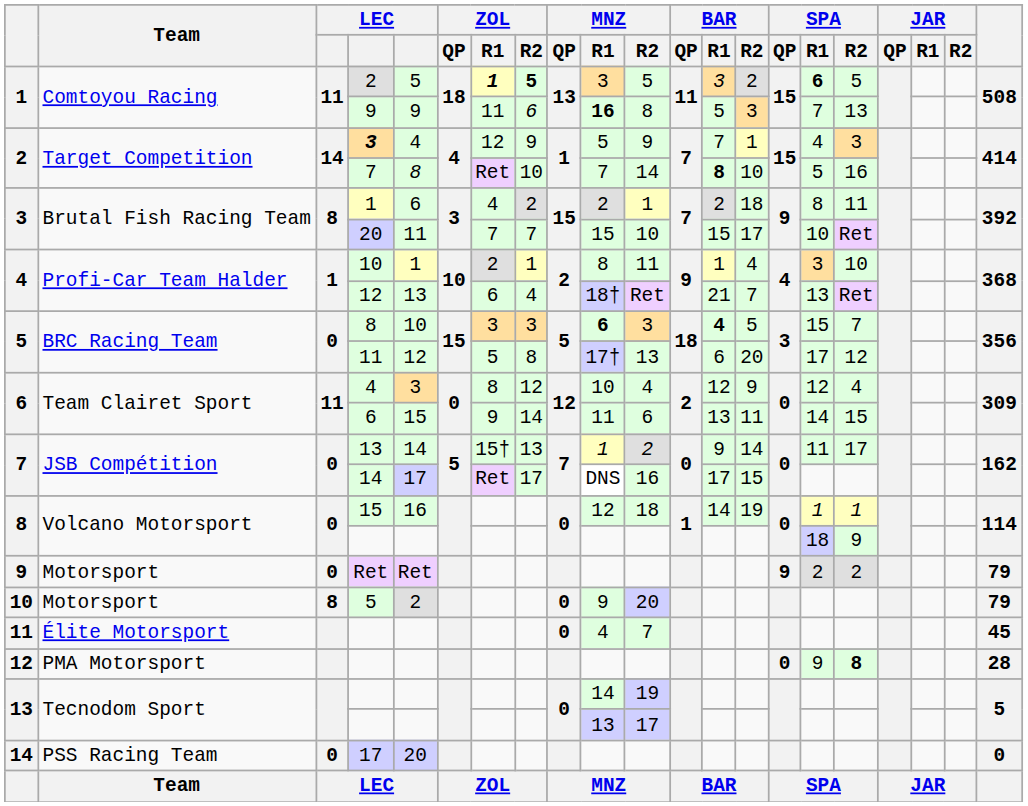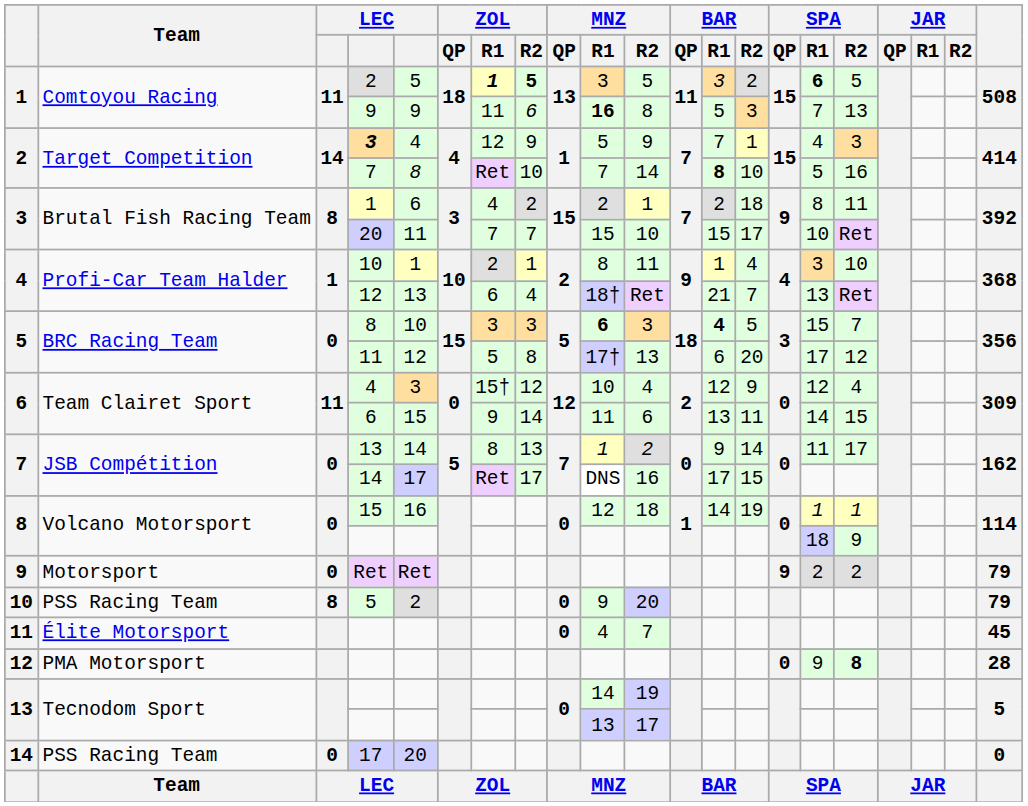 <table class="wikitable" style="font-size:85%; text-align:center">
 <tr>
 <th rowspan=2></th>
 <th rowspan=2>Team</th>
 <th colspan=3><a href='#'>LEC</a><br></th>
 <th colspan=3><a href='#'>ZOL</a><br></th>
 <th colspan=3><a href='#'>MNZ</a><br></th>
 <th colspan=3><a href='#'>BAR</a><br></th>
 <th colspan=3><a href='#'>SPA</a><br></th>
 <th colspan=3><a href='#'>JAR</a><br></th>
 <th rowspan=2></th>
 </tr>
 <tr>
 <th></th>
 <th></th>
 <th></th>
 <th>QP</th>
 <th>R1</th>
 <th>R2</th>
 <th>QP</th>
 <th>R1</th>
 <th>R2</th>
 <th>QP</th>
 <th>R1</th>
 <th>R2</th>
 <th>QP</th>
 <th>R1</th>
 <th>R2</th>
 <th>QP</th>
 <th>R1</th>
 <th>R2</th>
 </tr>
 <tr>
 <th rowspan=2>1</th>
 <td rowspan=2 align=left> <a href='#'>Comtoyou Racing</a></td>
 <th rowspan=2>11</th>
 <td style="background:#dfdfdf;">2</td>
 <td style="background:#dfffdf;">5</td>
 <th rowspan=2>18</th>
 <td style="background:#ffffbf;"><strong><em>1</em></strong></td>
 <td style="background:#dfffdf;"><strong>5</strong></td>
 <th rowspan=2>13</th>
 <td style="background:#ffdf9f;">3</td>
 <td style="background:#dfffdf;">5</td>
 <th rowspan=2>11</th>
 <td style="background:#ffdf9f;"><em>3</em></td>
 <td style="background:#dfdfdf;">2</td>
 <th rowspan=2>15</th>
 <td style="background:#dfffdf;"><strong>6</strong></td>
 <td style="background:#dfffdf;">5</td>
 <th rowspan=2></th>
 <td></td>
 <td></td>
 <th rowspan=2>508</th>
 </tr>
 <tr>
 <td style="background:#dfffdf;">9</td>
 <td style="background:#dfffdf;">9</td>
 <td style="background:#dfffdf;">11</td>
 <td style="background:#dfffdf;"><em>6</em></td>
 <td style="background:#dfffdf;"><strong>16</strong></td>
 <td style="background:#dfffdf;">8</td>
 <td style="background:#dfffdf;">5</td>
 <td style="background:#ffdf9f;">3</td>
 <td style="background:#dfffdf;">7</td>
 <td style="background:#dfffdf;">13</td>
 <td></td>
 <td></td>
 </tr>
 <tr>
 <th rowspan=2>2</th>
 <td rowspan=2 align=left> <a href='#'>Target Competition</a></td>
 <th rowspan=2>14</th>
 <td style="background:#ffdf9f;"><strong><em>3</em></strong></td>
 <td style="background:#dfffdf;">4</td>
 <th rowspan=2>4</th>
 <td style="background:#dfffdf;">12</td>
 <td style="background:#dfffdf;">9</td>
 <th rowspan=2>1</th>
 <td style="background:#dfffdf;">5</td>
 <td style="background:#dfffdf;">9</td>
 <th rowspan=2>7</th>
 <td style="background:#dfffdf;">7</td>
 <td style="background:#ffffbf;">1</td>
 <th rowspan=2>15</th>
 <td style="background:#dfffdf;">4</td>
 <td style="background:#ffdf9f;">3</td>
 <th rowspan=2></th>
 <td></td>
 <td></td>
 <th rowspan=2>414</th>
 </tr>
 <tr>
 <td style="background:#dfffdf;">7</td>
 <td style="background:#dfffdf;"><em>8</em></td>
 <td style="background:#efcfff;">Ret</td>
 <td style="background:#dfffdf;">10</td>
 <td style="background:#dfffdf;">7</td>
 <td style="background:#dfffdf;">14</td>
 <td style="background:#dfffdf;"><strong>8</strong></td>
 <td style="background:#dfffdf;">10</td>
 <td style="background:#dfffdf;">5</td>
 <td style="background:#dfffdf;">16</td>
 <td></td>
 <td></td>
 </tr>
 <tr>
 <th rowspan=2>3</th>
 <td rowspan=2 align=left> Brutal Fish Racing Team</td>
 <th rowspan=2>8</th>
 <td style="background:#ffffbf;">1</td>
 <td style="background:#dfffdf;">6</td>
 <th rowspan=2>3</th>
 <td style="background:#dfffdf;">4</td>
 <td style="background:#dfdfdf;">2</td>
 <th rowspan=2>15</th>
 <td style="background:#dfdfdf;">2</td>
 <td style="background:#ffffbf;">1</td>
 <th rowspan=2>7</th>
 <td style="background:#dfdfdf;">2</td>
 <td style="background:#dfffdf;">18</td>
 <th rowspan=2>9</th>
 <td style="background:#dfffdf;">8</td>
 <td style="background:#dfffdf;">11</td>
 <th rowspan=2></th>
 <td></td>
 <td></td>
 <th rowspan=2>392</th>
 </tr>
 <tr>
 <td style="background:#cfcfff;">20</td>
 <td style="background:#dfffdf;">11</td>
 <td style="background:#dfffdf;">7</td>
 <td style="background:#dfffdf;">7</td>
 <td style="background:#dfffdf;">15</td>
 <td style="background:#dfffdf;">10</td>
 <td style="background:#dfffdf;">15</td>
 <td style="background:#dfffdf;">17</td>
 <td style="background:#dfffdf;">10</td>
 <td style="background:#efcfff;">Ret</td>
 <td></td>
 <td></td>
 </tr>
 <tr>
 <th rowspan=2>4</th>
 <td rowspan=2 align=left> <a href='#'>Profi-Car Team Halder</a></td>
 <th rowspan=2>1</th>
 <td style="background:#dfffdf;">10</td>
 <td style="background:#ffffbf;">1</td>
 <th rowspan=2>10</th>
 <td style="background:#dfdfdf;">2</td>
 <td style="background:#ffffbf;">1</td>
 <th rowspan=2>2</th>
 <td style="background:#dfffdf;">8</td>
 <td style="background:#dfffdf;">11</td>
 <th rowspan=2>9</th>
 <td style="background:#ffffbf;">1</td>
 <td style="background:#dfffdf;">4</td>
 <th rowspan=2>4</th>
 <td style="background:#ffdf9f;">3</td>
 <td style="background:#dfffdf;">10</td>
 <th rowspan=2></th>
 <td></td>
 <td></td>
 <th rowspan=2>368</th>
 </tr>
 <tr>
 <td style="background:#dfffdf;">12</td>
 <td style="background:#dfffdf;">13</td>
 <td style="background:#dfffdf;">6</td>
 <td style="background:#dfffdf;">4</td>
 <td style="background:#cfcfff;">18†</td>
 <td style="background:#efcfff;">Ret</td>
 <td style="background:#dfffdf;">21</td>
 <td style="background:#dfffdf;">7</td>
 <td style="background:#dfffdf;">13</td>
 <td style="background:#efcfff;">Ret</td>
 <td></td>
 <td></td>
 </tr>
 <tr>
 <th rowspan=2>5</th>
 <td rowspan=2 align=left> <a href='#'>BRC Racing Team</a></td>
 <th rowspan=2>0</th>
 <td style="background:#dfffdf;">8</td>
 <td style="background:#dfffdf;">10</td>
 <th rowspan=2>15</th>
 <td style="background:#ffdf9f;">3</td>
 <td style="background:#ffdf9f;">3</td>
 <th rowspan=2>5</th>
 <td style="background:#dfffdf;"><strong>6</strong></td>
 <td style="background:#ffdf9f;">3</td>
 <th rowspan=2>18</th>
 <td style="background:#dfffdf;"><strong>4</strong></td>
 <td style="background:#dfffdf;">5</td>
 <th rowspan=2>3</th>
 <td style="background:#dfffdf;">15</td>
 <td style="background:#dfffdf;">7</td>
 <th rowspan=2></th>
 <td></td>
 <td></td>
 <th rowspan=2>356</th>
 </tr>
 <tr>
 <td style="background:#dfffdf;">11</td>
 <td style="background:#dfffdf;">12</td>
 <td style="background:#dfffdf;">5</td>
 <td style="background:#dfffdf;">8</td>
 <td style="background:#cfcfff;">17†</td>
 <td style="background:#dfffdf;">13</td>
 <td style="background:#dfffdf;">6</td>
 <td style="background:#dfffdf;">20</td>
 <td style="background:#dfffdf;">17</td>
 <td style="background:#dfffdf;">12</td>
 <td></td>
 <td></td>
 </tr>
 <tr>
 <th rowspan=2>6</th>
 <td rowspan=2 align=left> Team Clairet Sport</td>
 <th rowspan=2>11</th>
 <td style="background:#dfffdf;">4</td>
 <td style="background:#ffdf9f;">3</td>
 <th rowspan=2>0</th>
-<td style="background:#dfffdf;">8</td>
+<td style="background:#dfffdf;">15†</td>
 <td style="background:#dfffdf;">12</td>
 <th rowspan=2>12</th>
 <td style="background:#dfffdf;">10</td>
 <td style="background:#dfffdf;">4</td>
 <th rowspan=2>2</th>
 <td style="background:#dfffdf;">12</td>
 <td style="background:#dfffdf;">9</td>
 <th rowspan=2>0</th>
 <td style="background:#dfffdf;">12</td>
 <td style="background:#dfffdf;">4</td>
 <th rowspan=2></th>
 <td></td>
 <td></td>
 <th rowspan=2>309</th>
 </tr>
 <tr>
 <td style="background:#dfffdf;">6</td>
 <td style="background:#dfffdf;">15</td>
 <td style="background:#dfffdf;">9</td>
 <td style="background:#dfffdf;">14</td>
 <td style="background:#dfffdf;">11</td>
 <td style="background:#dfffdf;">6</td>
 <td style="background:#dfffdf;">13</td>
 <td style="background:#dfffdf;">11</td>
 <td style="background:#dfffdf;">14</td>
 <td style="background:#dfffdf;">15</td>
 <td></td>
 <td></td>
 </tr>
 <tr>
 <th rowspan=2>7</th>
 <td rowspan=2 align=left> <a href='#'>JSB Compétition</a></td>
 <th rowspan=2>0</th>
 <td style="background:#dfffdf;">13</td>
 <td style="background:#dfffdf;">14</td>
 <th rowspan=2>5</th>
-<td style="background:#dfffdf;">15†</td>
+<td style="background:#dfffdf;">8</td>
 <td style="background:#dfffdf;">13</td>
 <th rowspan=2>7</th>
 <td style="background:#ffffbf;"><em>1</em></td>
 <td style="background:#dfdfdf;"><em>2</em></td>
 <th rowspan=2>0</th>
 <td style="background:#dfffdf;">9</td>
 <td style="background:#dfffdf;">14</td>
 <th rowspan=2>0</th>
 <td style="background:#dfffdf;">11</td>
 <td style="background:#dfffdf;">17</td>
 <th rowspan=2></th>
 <td></td>
 <td></td>
 <th rowspan=2>162</th>
 </tr>
 <tr>
 <td style="background:#dfffdf;">14</td>
 <td style="background:#cfcfff;">17</td>
 <td style="background:#efcfff;">Ret</td>
 <td style="background:#dfffdf;">17</td>
 <td style="background:#ffffff;">DNS</td>
 <td style="background:#dfffdf;">16</td>
 <td style="background:#dfffdf;">17</td>
 <td style="background:#dfffdf;">15</td>
 <td></td>
 <td></td>
 <td></td>
 <td></td>
 </tr>
 <tr>
 <th rowspan=2>8</th>
 <td rowspan=2 align=left> Volcano Motorsport</td>
 <th rowspan=2>0</th>
 <td style="background:#dfffdf;">15</td>
 <td style="background:#dfffdf;">16</td>
 <th rowspan=2></th>
 <td></td>
 <td></td>
 <th rowspan=2>0</th>
 <td style="background:#dfffdf;">12</td>
 <td style="background:#dfffdf;">18</td>
 <th rowspan=2>1</th>
 <td style="background:#dfffdf;">14</td>
 <td style="background:#dfffdf;">19</td>
 <th rowspan=2>0</th>
 <td style="background:#ffffbf;"><em>1</em></td>
 <td style="background:#ffffbf;"><em>1</em></td>
 <th rowspan=2></th>
 <td></td>
 <td></td>
 <th rowspan=2>114</th>
 </tr>
 <tr>
 <td></td>
 <td></td>
 <td></td>
 <td></td>
 <td></td>
 <td></td>
 <td></td>
 <td></td>
 <td style="background:#cfcfff;">18</td>
 <td style="background:#dfffdf;">9</td>
 <td></td>
 <td></td>
 </tr>
 <tr>
 <th>9</th>
 <td align=left> Motorsport</td>
 <th>0</th>
 <td style="background:#efcfff;">Ret</td>
 <td style="background:#efcfff;">Ret</td>
 <th></th>
 <td></td>
 <td></td>
 <th></th>
 <td></td>
 <td></td>
 <th></th>
 <td></td>
 <td></td>
 <th>9</th>
 <td style="background:#dfdfdf;">2</td>
 <td style="background:#dfdfdf;">2</td>
 <th></th>
 <td></td>
 <td></td>
 <th>79</th>
 </tr>
 <tr>
 <th>10</th>
-<td align=left> Motorsport</td>
+<td align=left> PSS Racing Team</td>
 <th>8</th>
 <td style="background:#dfffdf;">5</td>
 <td style="background:#dfdfdf;">2</td>
 <th></th>
 <td></td>
 <td></td>
 <th>0</th>
 <td style="background:#dfffdf;">9</td>
 <td style="background:#cfcfff;">20</td>
 <th></th>
 <td></td>
 <td></td>
 <th></th>
 <td></td>
 <td></td>
 <th></th>
 <td></td>
 <td></td>
 <th>79</th>
 </tr>
 <tr>
 <th>11</th>
 <td align=left> <a href='#'>Élite Motorsport</a></td>
 <th></th>
 <td></td>
 <td></td>
 <th></th>
 <td></td>
 <td></td>
 <th>0</th>
 <td style="background:#dfffdf;">4</td>
 <td style="background:#dfffdf;">7</td>
 <th></th>
 <td></td>
 <td></td>
 <th></th>
 <td></td>
 <td></td>
 <th></th>
 <td></td>
 <td></td>
 <th>45</th>
 </tr>
 <tr>
 <th>12</th>
 <td align=left> PMA Motorsport</td>
 <th></th>
 <td></td>
 <td></td>
 <th></th>
 <td></td>
 <td></td>
 <th></th>
 <td></td>
 <td></td>
 <th></th>
 <td></td>
 <td></td>
 <th>0</th>
 <td style="background:#dfffdf;">9</td>
 <td style="background:#dfffdf;"><strong>8</strong></td>
 <th></th>
 <td></td>
 <td></td>
 <th>28</th>
 </tr>
 <tr>
 <th rowspan=2>13</th>
 <td rowspan=2 align=left> Tecnodom Sport</td>
 <th rowspan=2></th>
 <td></td>
 <td></td>
 <th rowspan=2></th>
 <td></td>
 <td></td>
 <th rowspan=2>0</th>
 <td style="background:#dfffdf;">14</td>
 <td style="background:#cfcfff;">19</td>
 <th rowspan=2></th>
 <td></td>
 <td></td>
 <th rowspan=2></th>
 <td></td>
 <td></td>
 <th rowspan=2></th>
 <td></td>
 <td></td>
 <th rowspan=2>5</th>
 </tr>
 <tr>
 <td></td>
 <td></td>
 <td></td>
 <td></td>
 <td style="background:#cfcfff;">13</td>
 <td style="background:#cfcfff;">17</td>
 <td></td>
 <td></td>
 <td></td>
 <td></td>
 <td></td>
 <td></td>
 </tr>
 <tr>
 <th>14</th>
 <td align=left> PSS Racing Team</td>
 <th>0</th>
 <td style="background:#cfcfff;">17</td>
 <td style="background:#cfcfff;">20</td>
 <th></th>
 <td></td>
 <td></td>
 <th></th>
 <td></td>
 <td></td>
 <th></th>
 <td></td>
 <td></td>
 <th></th>
 <td></td>
 <td></td>
 <th></th>
 <td></td>
 <td></td>
 <th>0</th>
 </tr>
 <tr>
 <th></th>
 <th>Team</th>
 <th colspan=3><a href='#'>LEC</a><br></th>
 <th colspan=3><a href='#'>ZOL</a><br></th>
 <th colspan=3><a href='#'>MNZ</a><br></th>
 <th colspan=3><a href='#'>BAR</a><br></th>
 <th colspan=3><a href='#'>SPA</a><br></th>
 <th colspan=3><a href='#'>JAR</a><br></th>
 <th></th>
 </tr>
 </table>
